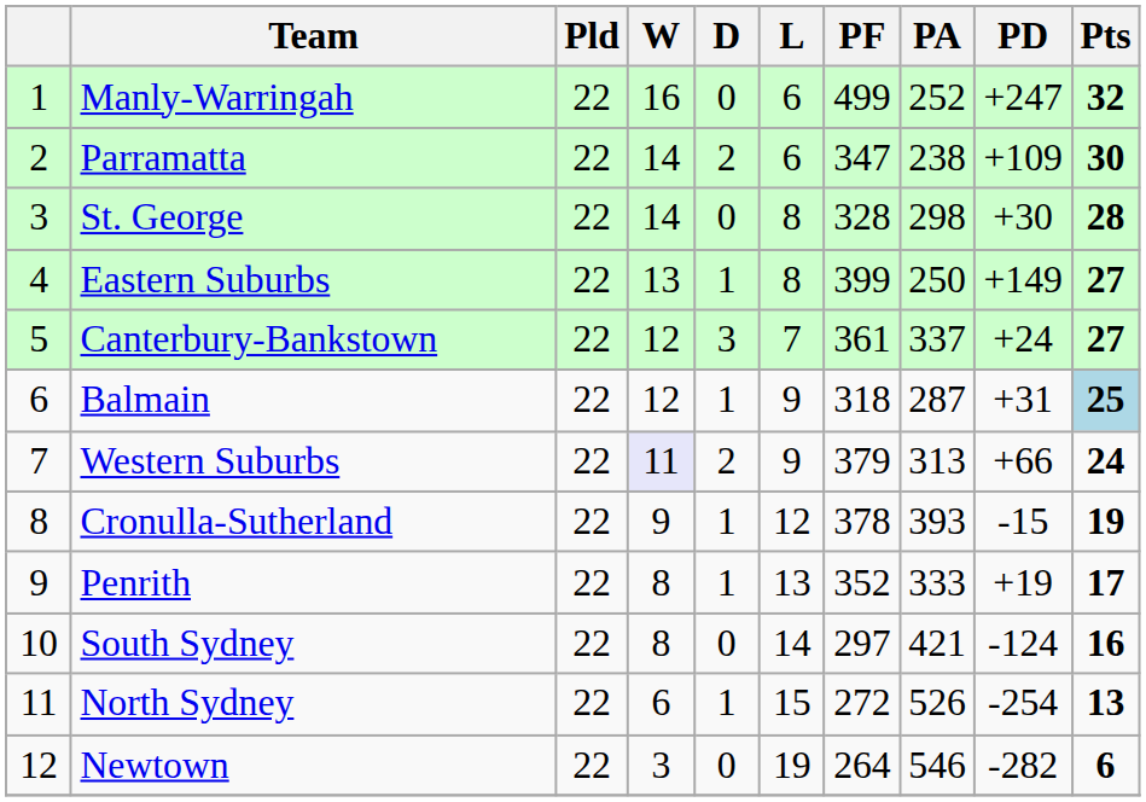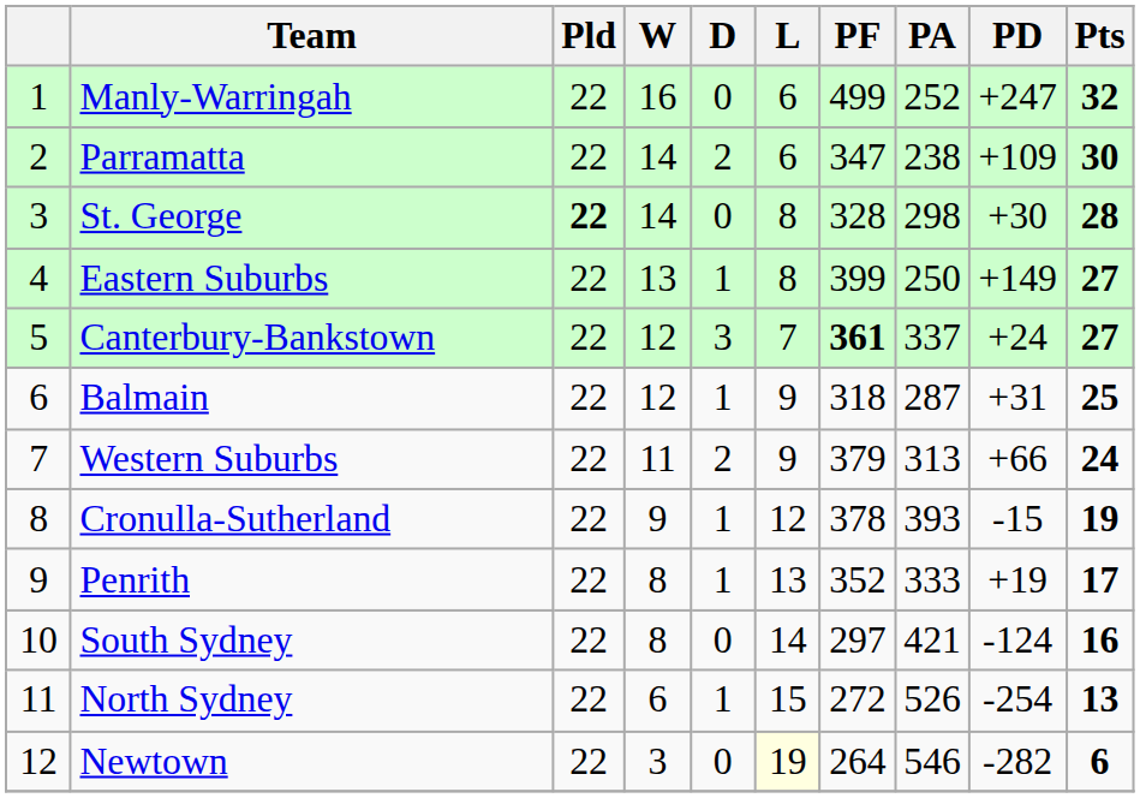 <table class="wikitable" style="text-align:center;">
 <tr>
 <th width=20 abbr="Position×"></th>
 <th width=195>Team</th>
 <th width=20 abbr="Played">Pld</th>
 <th width=20 abbr="Won">W</th>
 <th width=20 abbr="Drawn">D</th>
 <th width=20 abbr="Lost">L</th>
 <th width=20 abbr="Points for">PF</th>
 <th width=20 abbr="Points against">PA</th>
 <th width=20 abbr="Points difference">PD</th>
 <th width=20 abbr="Points">Pts</th>
 </tr>
 <tr style="background: #ccffcc;">
 <td>1</td>
 <td style="text-align:left;"> <a href='#'>Manly-Warringah</a></td>
 <td>22</td>
 <td>16</td>
 <td>0</td>
 <td>6</td>
 <td>499</td>
 <td>252</td>
 <td>+247</td>
 <td><strong>32</strong></td>
 </tr>
 <tr style="background: #ccffcc;">
 <td>2</td>
 <td style="text-align:left;"> <a href='#'>Parramatta</a></td>
 <td>22</td>
 <td>14</td>
 <td>2</td>
 <td>6</td>
 <td>347</td>
 <td>238</td>
 <td>+109</td>
 <td><strong>30</strong></td>
 </tr>
 <tr style="background: #ccffcc;">
 <td>3</td>
 <td style="text-align:left;"> <a href='#'>St. George</a></td>
-<td>22</td>
+<td><strong>22</strong></td>
 <td>14</td>
 <td>0</td>
 <td>8</td>
 <td>328</td>
 <td>298</td>
 <td>+30</td>
 <td><strong>28</strong></td>
 </tr>
 <tr style="background: #ccffcc;">
 <td>4</td>
 <td style="text-align:left;"> <a href='#'>Eastern Suburbs</a></td>
 <td>22</td>
 <td>13</td>
 <td>1</td>
 <td>8</td>
 <td>399</td>
 <td>250</td>
 <td>+149</td>
 <td><strong>27</strong></td>
 </tr>
 <tr style="background: #ccffcc;">
 <td>5</td>
 <td style="text-align:left;"> <a href='#'>Canterbury-Bankstown</a></td>
 <td>22</td>
 <td>12</td>
 <td>3</td>
 <td>7</td>
-<td>361</td>
+<td><strong>361</strong></td>
 <td>337</td>
 <td>+24</td>
 <td><strong>27</strong></td>
 </tr>
 <tr>
 <td>6</td>
 <td style="text-align:left;"> <a href='#'>Balmain</a></td>
 <td>22</td>
 <td>12</td>
 <td>1</td>
 <td>9</td>
 <td>318</td>
 <td>287</td>
 <td>+31</td>
-<td style="background: lightblue;"><strong>25</strong></td>
+<td><strong>25</strong></td>
 </tr>
 <tr>
 <td>7</td>
 <td style="text-align:left;"> <a href='#'>Western Suburbs</a></td>
 <td>22</td>
-<td style="background: lavender;">11</td>
+<td>11</td>
 <td>2</td>
 <td>9</td>
 <td>379</td>
 <td>313</td>
 <td>+66</td>
 <td><strong>24</strong></td>
 </tr>
 <tr>
 <td>8</td>
 <td style="text-align:left;"> <a href='#'>Cronulla-Sutherland</a></td>
 <td>22</td>
 <td>9</td>
 <td>1</td>
 <td>12</td>
 <td>378</td>
 <td>393</td>
 <td>-15</td>
 <td><strong>19</strong></td>
 </tr>
 <tr>
 <td>9</td>
 <td style="text-align:left;"> <a href='#'>Penrith</a></td>
 <td>22</td>
 <td>8</td>
 <td>1</td>
 <td>13</td>
 <td>352</td>
 <td>333</td>
 <td>+19</td>
 <td><strong>17</strong></td>
 </tr>
 <tr>
 <td>10</td>
 <td style="text-align:left;"> <a href='#'>South Sydney</a></td>
 <td>22</td>
 <td>8</td>
 <td>0</td>
 <td>14</td>
 <td>297</td>
 <td>421</td>
 <td>-124</td>
 <td><strong>16</strong></td>
 </tr>
 <tr>
 <td>11</td>
 <td style="text-align:left;"> <a href='#'>North Sydney</a></td>
 <td>22</td>
 <td>6</td>
 <td>1</td>
 <td>15</td>
 <td>272</td>
 <td>526</td>
 <td>-254</td>
 <td><strong>13</strong></td>
 </tr>
 <tr>
 <td>12</td>
 <td style="text-align:left;"> <a href='#'>Newtown</a></td>
 <td>22</td>
 <td>3</td>
 <td>0</td>
-<td>19</td>
+<td style="background: lightyellow;">19</td>
 <td>264</td>
 <td>546</td>
 <td>-282</td>
 <td><strong>6</strong></td>
 </tr>
 <tr>
 </tr>
 </table>
